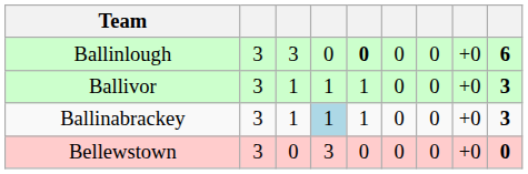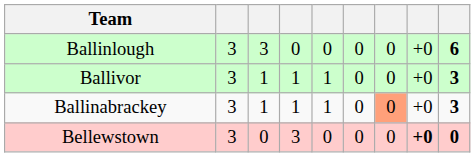 <table class="wikitable" style="text-align:center">
 <tr>
 <th width="175">Team</th>
 <th width="20"></th>
 <th width="20"></th>
 <th width="20"></th>
 <th width="20"></th>
 <th width="20"></th>
 <th width="20"></th>
 <th width="20"></th>
 <th width="20"></th>
 </tr>
 <tr style="background:#cfc;">
 <td>Ballinlough</td>
 <td>3</td>
 <td>3</td>
 <td>0</td>
-<td><strong>0</strong></td>
+<td>0</td>
 <td>0</td>
 <td>0</td>
 <td>+0</td>
 <td><strong>6</strong></td>
 </tr>
 <tr style="background:#cfc;">
 <td>Ballivor</td>
 <td>3</td>
 <td>1</td>
 <td>1</td>
 <td>1</td>
 <td>0</td>
 <td>0</td>
 <td>+0</td>
 <td><strong>3</strong></td>
 </tr>
 <tr>
 <td>Ballinabrackey</td>
 <td>3</td>
 <td>1</td>
-<td style="background: lightblue;">1</td>
+<td>1</td>
 <td>1</td>
 <td>0</td>
-<td>0</td>
+<td style="background: lightsalmon;">0</td>
 <td>+0</td>
 <td><strong>3</strong></td>
 </tr>
 <tr style="background:#fcc;">
 <td>Bellewstown</td>
 <td>3</td>
 <td>0</td>
 <td>3</td>
 <td>0</td>
 <td>0</td>
 <td>0</td>
-<td>+0</td>
+<td><strong>+0</strong></td>
 <td><strong>0</strong></td>
 </tr>
 </table>
